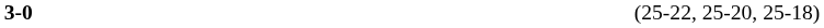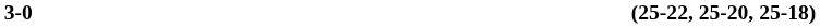 <table width=100% cellspacing=1>
 <tr>
 <th width=20%></th>
 <th width=12%></th>
 <th width=20%></th>
 <th width=33%></th>
 <td></td>
 </tr>
 <tr style=font-size:90%>
 <td align=right></td>
 <td align=center><strong>3-0</strong></td>
 <td></td>
-<td>(25-22, 25-20, 25-18)</td>
+<td><strong>(25-22, 25-20, 25-18)</strong></td>
 </tr>
 </table>
